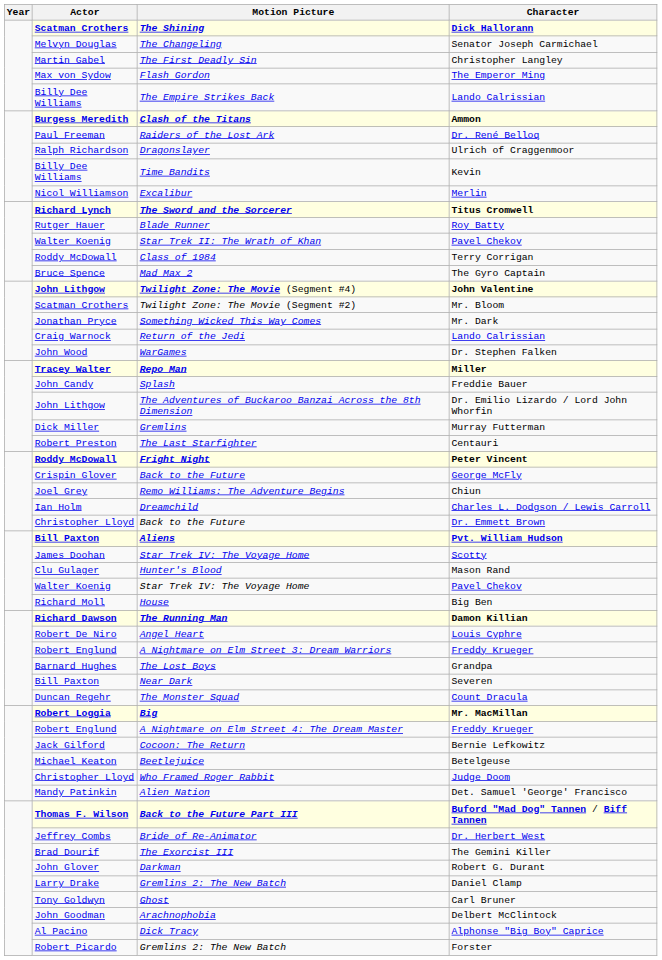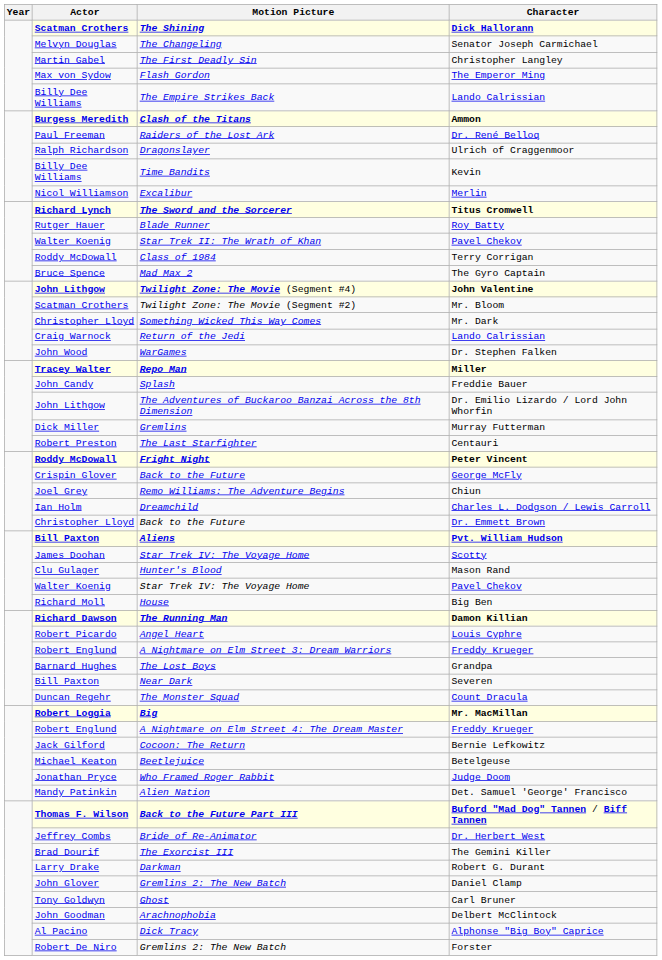 <table class="wikitable" align="centre">
 <tr>
 <th>Year</th>
 <th>Actor</th>
 <th>Motion Picture</th>
 <th>Character</th>
 </tr>
 <tr>
 <td rowspan=5></td>
 <td style="background:lightyellow"><strong><a href='#'>Scatman Crothers</a></strong></td>
 <td style="background:lightyellow"><strong><em><a href='#'>The Shining</a></em></strong></td>
 <td style="background:lightyellow"><strong><a href='#'>Dick Hallorann</a></strong></td>
 </tr>
 <tr>
 <td><a href='#'>Melvyn Douglas</a></td>
 <td><em><a href='#'>The Changeling</a></em></td>
 <td>Senator Joseph Carmichael</td>
 </tr>
 <tr>
 <td><a href='#'>Martin Gabel</a></td>
 <td><em><a href='#'>The First Deadly Sin</a></em></td>
 <td>Christopher Langley</td>
 </tr>
 <tr>
 <td><a href='#'>Max von Sydow</a></td>
 <td><em><a href='#'>Flash Gordon</a></em></td>
 <td><a href='#'>The Emperor Ming</a></td>
 </tr>
 <tr>
 <td><a href='#'>Billy Dee Williams</a></td>
 <td><em><a href='#'>The Empire Strikes Back</a></em></td>
 <td><a href='#'>Lando Calrissian</a></td>
 </tr>
 <tr>
 <td rowspan=5></td>
 <td style="background:lightyellow"><strong><a href='#'>Burgess Meredith</a></strong></td>
 <td style="background:lightyellow"><strong><em><a href='#'>Clash of the Titans</a></em></strong></td>
 <td style="background:lightyellow"><strong>Ammon</strong></td>
 </tr>
 <tr>
 <td><a href='#'>Paul Freeman</a></td>
 <td><em><a href='#'>Raiders of the Lost Ark</a></em></td>
 <td><a href='#'>Dr. René Belloq</a></td>
 </tr>
 <tr>
 <td><a href='#'>Ralph Richardson</a></td>
 <td><em><a href='#'>Dragonslayer</a></em></td>
 <td>Ulrich of Craggenmoor</td>
 </tr>
 <tr>
 <td><a href='#'>Billy Dee Williams</a></td>
 <td><em><a href='#'>Time Bandits</a></em></td>
 <td>Kevin</td>
 </tr>
 <tr>
 <td><a href='#'>Nicol Williamson</a></td>
 <td><em><a href='#'>Excalibur</a></em></td>
 <td><a href='#'>Merlin</a></td>
 </tr>
 <tr>
 <td rowspan=5></td>
 <td style="background:lightyellow"><strong><a href='#'>Richard Lynch</a></strong></td>
 <td style="background:lightyellow"><strong><em><a href='#'>The Sword and the Sorcerer</a></em></strong></td>
 <td style="background:lightyellow"><strong>Titus Cromwell</strong></td>
 </tr>
 <tr>
 <td><a href='#'>Rutger Hauer</a></td>
 <td><em><a href='#'>Blade Runner</a></em></td>
 <td><a href='#'>Roy Batty</a></td>
 </tr>
 <tr>
 <td><a href='#'>Walter Koenig</a></td>
 <td><em><a href='#'>Star Trek II: The Wrath of Khan</a></em></td>
 <td><a href='#'>Pavel Chekov</a></td>
 </tr>
 <tr>
 <td><a href='#'>Roddy McDowall</a></td>
 <td><em><a href='#'>Class of 1984</a></em></td>
 <td>Terry Corrigan</td>
 </tr>
 <tr>
 <td><a href='#'>Bruce Spence</a></td>
 <td><em><a href='#'>Mad Max 2</a></em></td>
 <td>The Gyro Captain</td>
 </tr>
 <tr>
 <td rowspan=5></td>
 <td style="background:lightyellow"><strong><a href='#'>John Lithgow</a></strong></td>
 <td style="background:lightyellow"><strong><em><a href='#'>Twilight Zone: The Movie</a></em></strong> (Segment #4)</td>
 <td style="background:lightyellow"><strong>John Valentine</strong></td>
 </tr>
 <tr>
 <td><a href='#'>Scatman Crothers</a></td>
 <td><em>Twilight Zone: The Movie</em> (Segment #2)</td>
 <td>Mr. Bloom</td>
 </tr>
 <tr>
-<td><a href='#'>Jonathan Pryce</a></td>
+<td><a href='#'>Christopher Lloyd</a></td>
 <td><em><a href='#'>Something Wicked This Way Comes</a></em></td>
 <td>Mr. Dark</td>
 </tr>
 <tr>
 <td><a href='#'>Craig Warnock</a></td>
 <td><em><a href='#'>Return of the Jedi</a></em></td>
 <td><a href='#'>Lando Calrissian</a></td>
 </tr>
 <tr>
 <td><a href='#'>John Wood</a></td>
 <td><em><a href='#'>WarGames</a></em></td>
 <td>Dr. Stephen Falken</td>
 </tr>
 <tr>
 <td rowspan=5></td>
 <td style="background:lightyellow"><strong><a href='#'>Tracey Walter</a></strong></td>
 <td style="background:lightyellow"><strong><em><a href='#'>Repo Man</a></em></strong></td>
 <td style="background:lightyellow"><strong>Miller</strong></td>
 </tr>
 <tr>
 <td><a href='#'>John Candy</a></td>
 <td><em><a href='#'>Splash</a></em></td>
 <td>Freddie Bauer</td>
 </tr>
 <tr>
 <td><a href='#'>John Lithgow</a></td>
 <td><em><a href='#'>The Adventures of Buckaroo Banzai Across the 8th Dimension</a></em></td>
 <td>Dr. Emilio Lizardo / Lord John Whorfin</td>
 </tr>
 <tr>
 <td><a href='#'>Dick Miller</a></td>
 <td><em><a href='#'>Gremlins</a></em></td>
 <td>Murray Futterman</td>
 </tr>
 <tr>
 <td><a href='#'>Robert Preston</a></td>
 <td><em><a href='#'>The Last Starfighter</a></em></td>
 <td>Centauri</td>
 </tr>
 <tr>
 <td rowspan=5></td>
 <td style="background:lightyellow"><strong><a href='#'>Roddy McDowall</a></strong></td>
 <td style="background:lightyellow"><strong><em><a href='#'>Fright Night</a></em></strong></td>
 <td style="background:lightyellow"><strong>Peter Vincent</strong></td>
 </tr>
 <tr>
 <td><a href='#'>Crispin Glover</a></td>
 <td><em><a href='#'>Back to the Future</a></em></td>
 <td><a href='#'>George McFly</a></td>
 </tr>
 <tr>
 <td><a href='#'>Joel Grey</a></td>
 <td><em><a href='#'>Remo Williams: The Adventure Begins</a></em></td>
 <td>Chiun</td>
 </tr>
 <tr>
 <td><a href='#'>Ian Holm</a></td>
 <td><em><a href='#'>Dreamchild</a></em></td>
 <td><a href='#'>Charles L. Dodgson / Lewis Carroll</a></td>
 </tr>
 <tr>
 <td><a href='#'>Christopher Lloyd</a></td>
 <td><em>Back to the Future</em></td>
 <td><a href='#'>Dr. Emmett Brown</a></td>
 </tr>
 <tr>
 <td rowspan=5></td>
 <td style="background:lightyellow"><strong><a href='#'>Bill Paxton</a></strong></td>
 <td style="background:lightyellow"><strong><em><a href='#'>Aliens</a></em></strong></td>
 <td style="background:lightyellow"><strong><a href='#'>Pvt. William Hudson</a></strong></td>
 </tr>
 <tr>
 <td><a href='#'>James Doohan</a></td>
 <td><em><a href='#'>Star Trek IV: The Voyage Home</a></em></td>
 <td><a href='#'>Scotty</a></td>
 </tr>
 <tr>
 <td><a href='#'>Clu Gulager</a></td>
 <td><em><a href='#'>Hunter's Blood</a></em></td>
 <td>Mason Rand</td>
 </tr>
 <tr>
 <td><a href='#'>Walter Koenig</a></td>
 <td><em>Star Trek IV: The Voyage Home</em></td>
 <td><a href='#'>Pavel Chekov</a></td>
 </tr>
 <tr>
 <td><a href='#'>Richard Moll</a></td>
 <td><em><a href='#'>House</a></em></td>
 <td>Big Ben</td>
 </tr>
 <tr>
 <td rowspan=6></td>
 <td style="background:lightyellow"><strong><a href='#'>Richard Dawson</a></strong></td>
 <td style="background:lightyellow"><strong><em><a href='#'>The Running Man</a></em></strong></td>
 <td style="background:lightyellow"><strong>Damon Killian</strong></td>
 </tr>
 <tr>
-<td><a href='#'>Robert De Niro</a></td>
+<td><a href='#'>Robert Picardo</a></td>
 <td><em><a href='#'>Angel Heart</a></em></td>
 <td><a href='#'>Louis Cyphre</a></td>
 </tr>
 <tr>
 <td><a href='#'>Robert Englund</a></td>
 <td><em><a href='#'>A Nightmare on Elm Street 3: Dream Warriors</a></em></td>
 <td><a href='#'>Freddy Krueger</a></td>
 </tr>
 <tr>
 <td><a href='#'>Barnard Hughes</a></td>
 <td><em><a href='#'>The Lost Boys</a></em></td>
 <td>Grandpa</td>
 </tr>
 <tr>
 <td><a href='#'>Bill Paxton</a></td>
 <td><em><a href='#'>Near Dark</a></em></td>
 <td>Severen</td>
 </tr>
 <tr>
 <td><a href='#'>Duncan Regehr</a></td>
 <td><em><a href='#'>The Monster Squad</a></em></td>
 <td><a href='#'>Count Dracula</a></td>
 </tr>
 <tr>
 <td rowspan=6></td>
 <td style="background:lightyellow"><strong><a href='#'>Robert Loggia</a></strong></td>
 <td style="background:lightyellow"><strong><em><a href='#'>Big</a></em></strong></td>
 <td style="background:lightyellow"><strong>Mr. MacMillan</strong></td>
 </tr>
 <tr>
 <td><a href='#'>Robert Englund</a></td>
 <td><em><a href='#'>A Nightmare on Elm Street 4: The Dream Master</a></em></td>
 <td><a href='#'>Freddy Krueger</a></td>
 </tr>
 <tr>
 <td><a href='#'>Jack Gilford</a></td>
 <td><em><a href='#'>Cocoon: The Return</a></em></td>
 <td>Bernie Lefkowitz</td>
 </tr>
 <tr>
 <td><a href='#'>Michael Keaton</a></td>
 <td><em><a href='#'>Beetlejuice</a></em></td>
 <td>Betelgeuse</td>
 </tr>
 <tr>
-<td><a href='#'>Christopher Lloyd</a></td>
+<td><a href='#'>Jonathan Pryce</a></td>
 <td><em><a href='#'>Who Framed Roger Rabbit</a></em></td>
 <td><a href='#'>Judge Doom</a></td>
 </tr>
 <tr>
 <td><a href='#'>Mandy Patinkin</a></td>
 <td><em><a href='#'>Alien Nation</a></em></td>
 <td>Det. Samuel 'George' Francisco</td>
 </tr>
 <tr>
 <td rowspan=9></td>
 <td style="background:lightyellow"><strong><a href='#'>Thomas F. Wilson</a></strong></td>
 <td style="background:lightyellow"><strong><em><a href='#'>Back to the Future Part III</a></em></strong></td>
 <td style="background:lightyellow"><strong><a href='#'>Buford "Mad Dog" Tannen</a></strong> / <strong><a href='#'>Biff Tannen</a></strong></td>
 </tr>
 <tr>
 <td><a href='#'>Jeffrey Combs</a></td>
 <td><em><a href='#'>Bride of Re-Animator</a></em></td>
 <td><a href='#'>Dr. Herbert West</a></td>
 </tr>
 <tr>
 <td><a href='#'>Brad Dourif</a></td>
 <td><em><a href='#'>The Exorcist III</a></em></td>
 <td>The Gemini Killer</td>
 </tr>
 <tr>
-<td><a href='#'>John Glover</a></td>
+<td><a href='#'>Larry Drake</a></td>
 <td><em><a href='#'>Darkman</a></em></td>
 <td>Robert G. Durant</td>
 </tr>
 <tr>
-<td><a href='#'>Larry Drake</a></td>
+<td><a href='#'>John Glover</a></td>
 <td><em><a href='#'>Gremlins 2: The New Batch</a></em></td>
 <td>Daniel Clamp</td>
 </tr>
 <tr>
 <td><a href='#'>Tony Goldwyn</a></td>
 <td><em><a href='#'>Ghost</a></em></td>
 <td>Carl Bruner</td>
 </tr>
 <tr>
 <td><a href='#'>John Goodman</a></td>
 <td><em><a href='#'>Arachnophobia</a></em></td>
 <td>Delbert McClintock</td>
 </tr>
 <tr>
 <td><a href='#'>Al Pacino</a></td>
 <td><em><a href='#'>Dick Tracy</a></em></td>
 <td><a href='#'>Alphonse "Big Boy" Caprice</a></td>
 </tr>
 <tr>
-<td><a href='#'>Robert Picardo</a></td>
+<td><a href='#'>Robert De Niro</a></td>
 <td><em>Gremlins 2: The New Batch</em></td>
 <td>Forster</td>
 </tr>
 </table>
